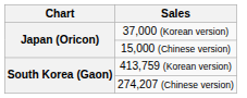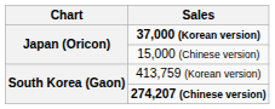 <table class="wikitable sortable plainrowheaders">
 <tr>
 <th scope="col">Chart</th>
 <th scope="col">Sales</th>
 </tr>
 <tr>
 <th rowspan="2" scope="row">Japan (Oricon)</th>
-<td align="center">37,000 <small>(Korean version)</small></td>
+<td align="center"><strong>37,000 <small>(Korean version)</small></strong></td>
 </tr>
 <tr>
 <td align="center">15,000 <small>(Chinese version)</small></td>
 </tr>
 <tr>
 <th rowspan="2" scope="row">South Korea (Gaon)</th>
 <td align="center">413,759 <small>(Korean version)</small></td>
 </tr>
 <tr>
-<td align="center">274,207 <small>(Chinese version)</small></td>
+<td align="center"><strong>274,207 <small>(Chinese version)</small></strong></td>
 </tr>
 </table>
